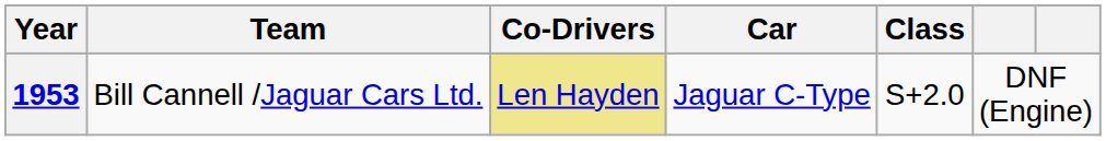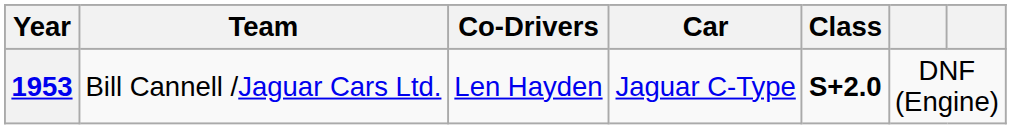 <table class="wikitable" style="text-align:center; font-size:90%">
 <tr>
 <th>Year</th>
 <th>Team</th>
 <th>Co-Drivers</th>
 <th>Car</th>
 <th>Class</th>
 <th></th>
 <th></th>
 </tr>
 <tr>
 <th><a href='#'>1953</a></th>
 <td align="left"> Bill Cannell /<a href='#'>Jaguar Cars Ltd.</a></td>
-<td align="left" style="background: khaki;"> <a href='#'>Len Hayden</a></td>
+<td align="left"> <a href='#'>Len Hayden</a></td>
 <td align="left"><a href='#'>Jaguar C-Type</a></td>
-<td>S+2.0</td>
+<td><strong>S+2.0</strong></td>
 <td colspan=2>DNF<br>(Engine)</td>
 </tr>
 </table>
